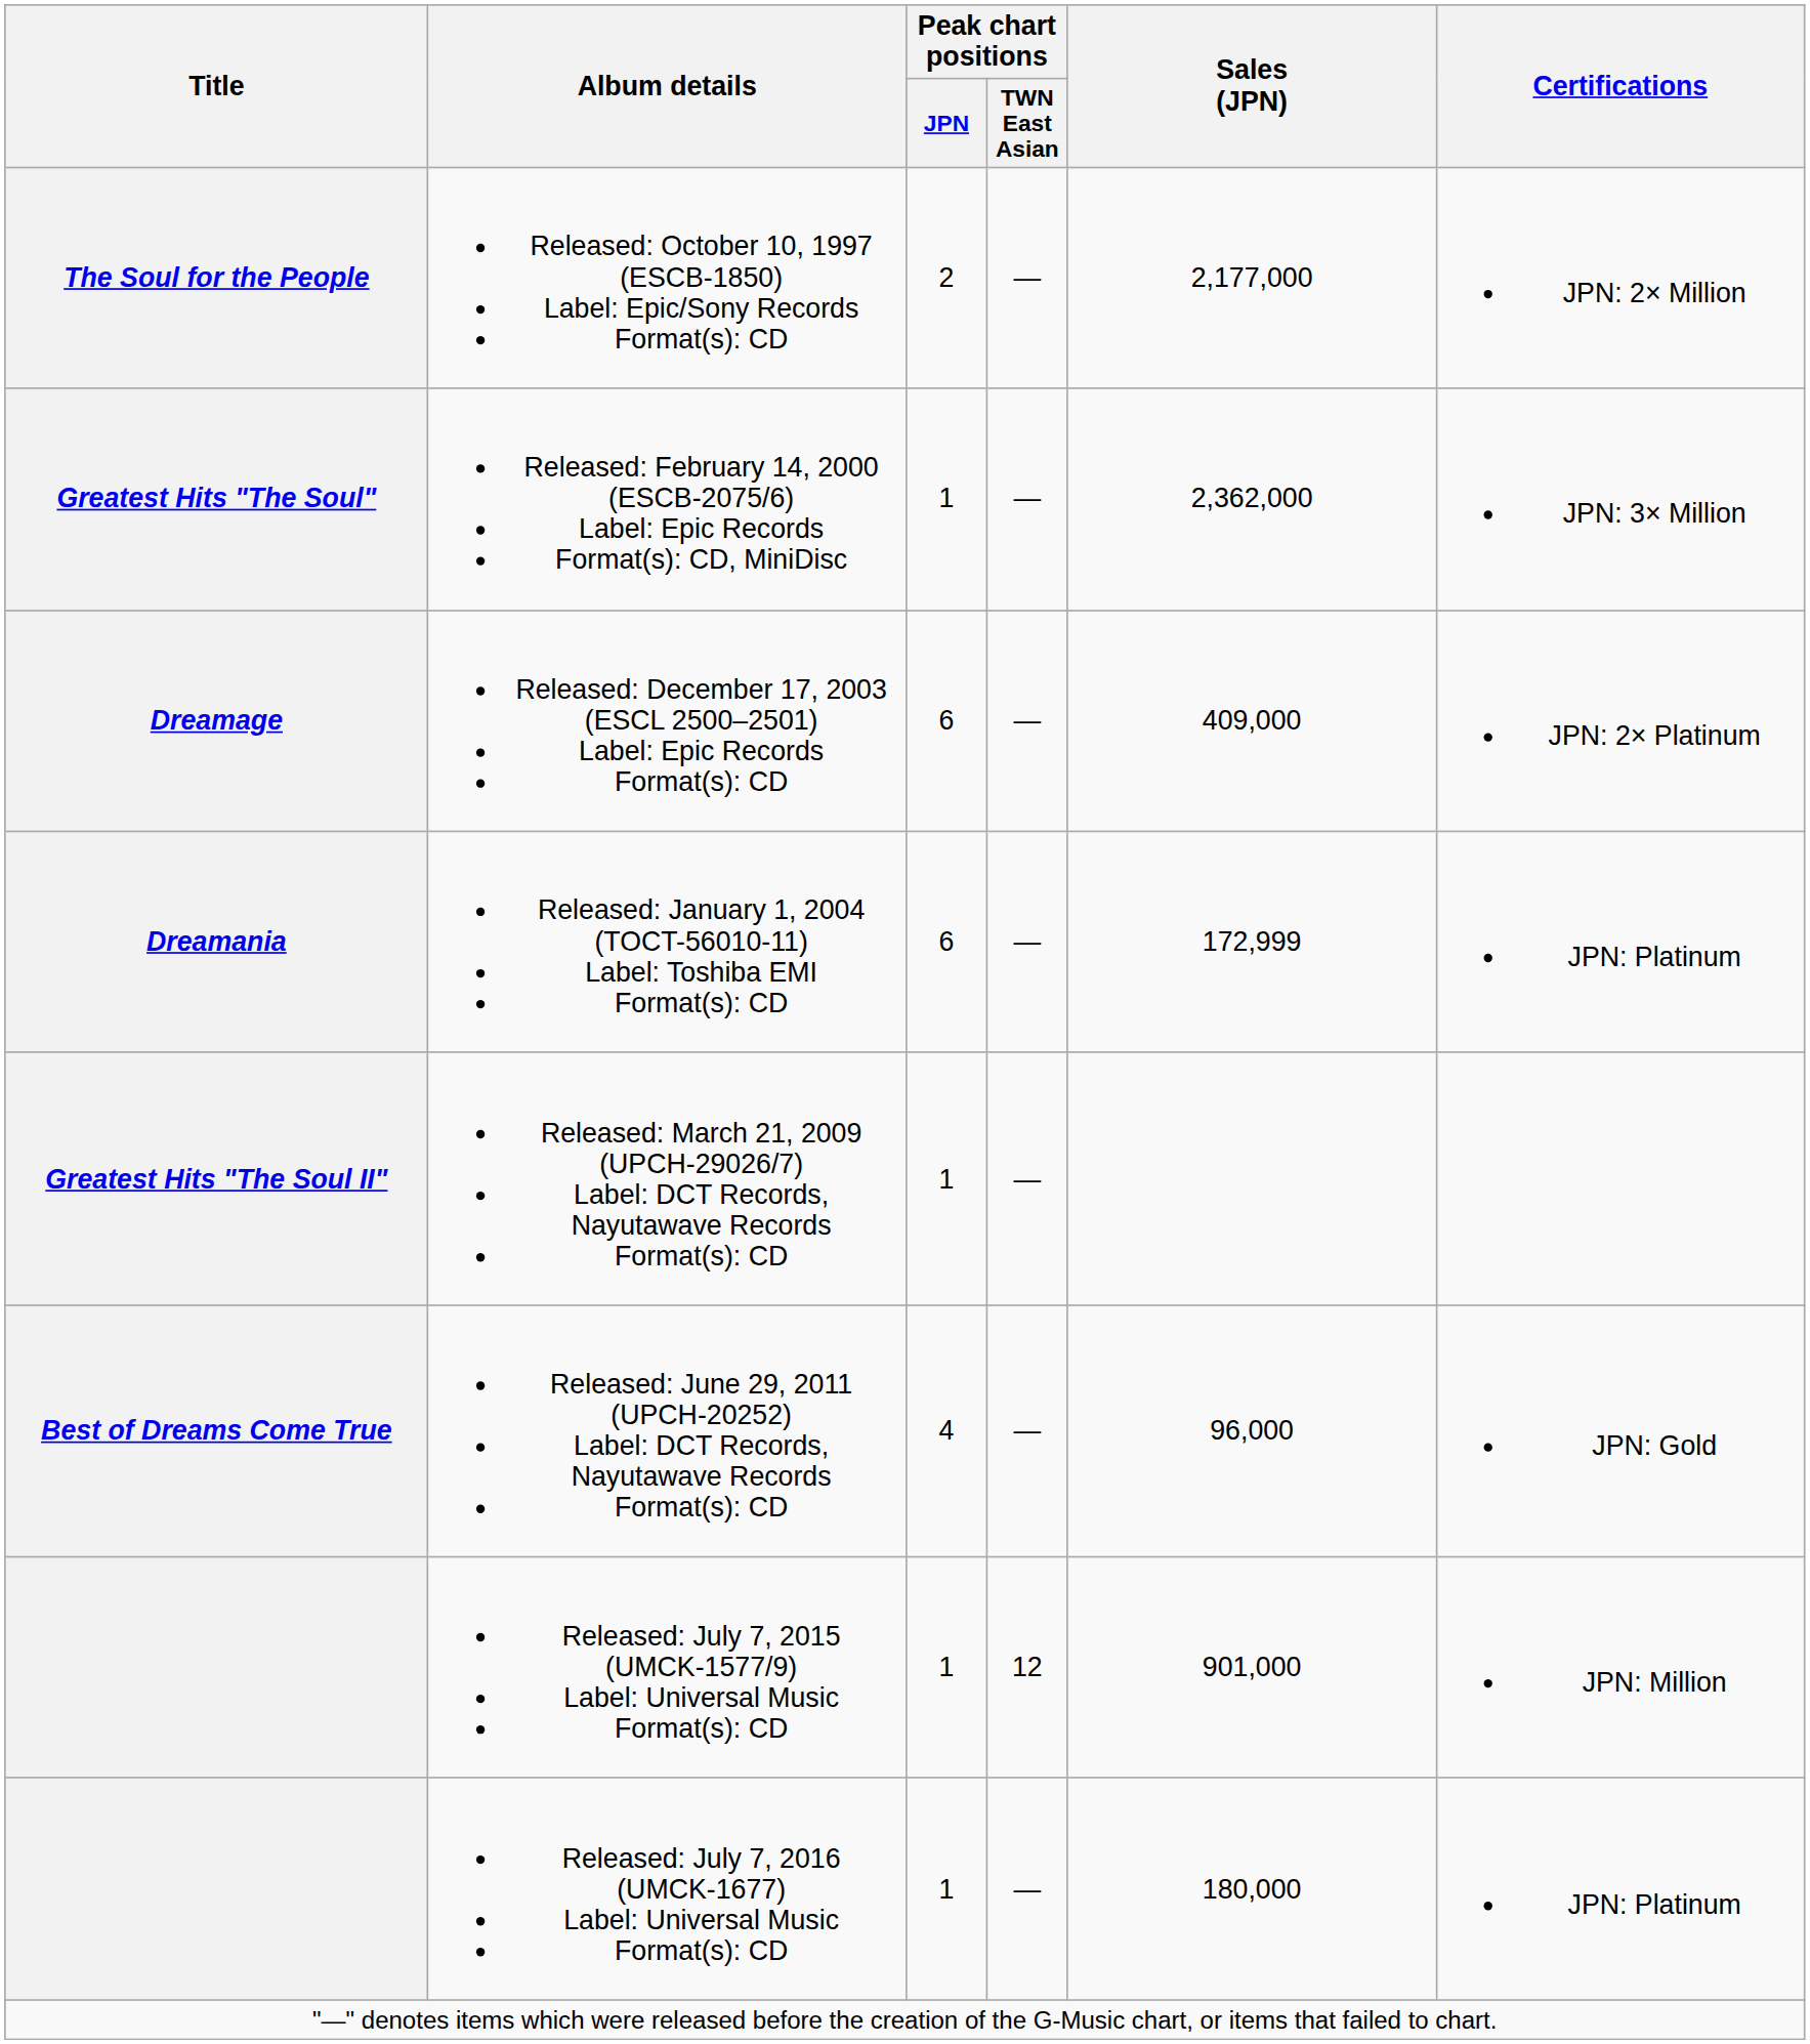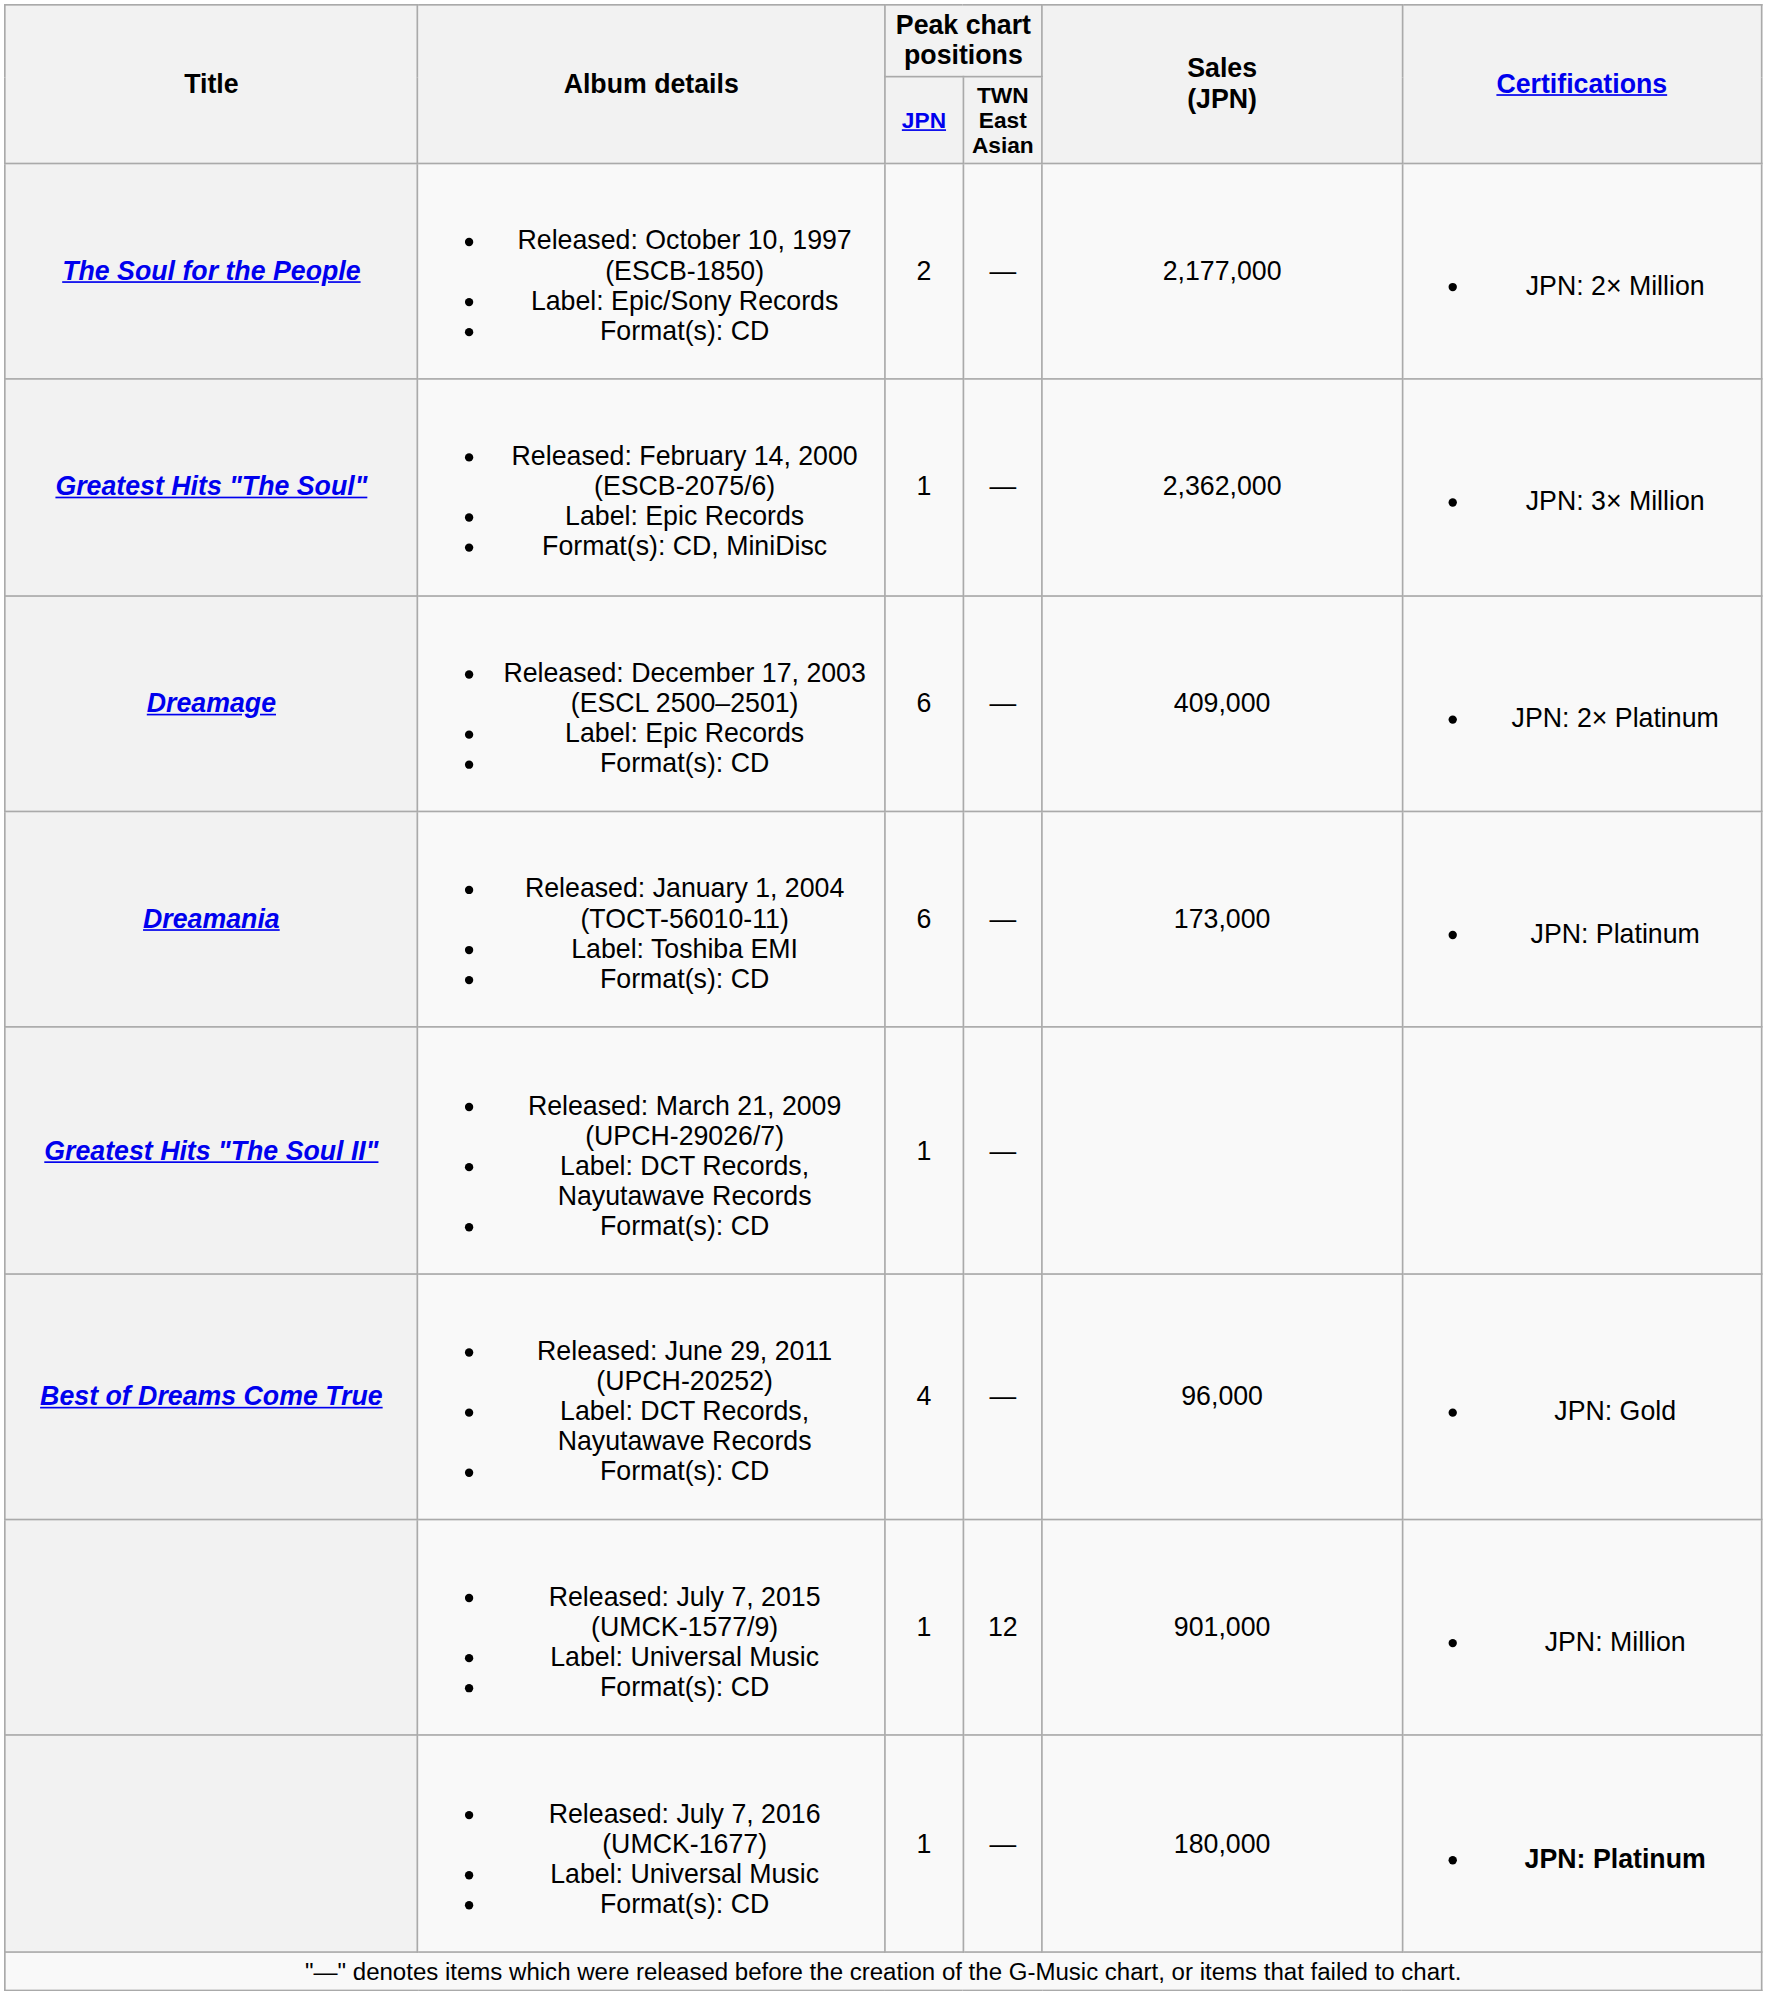 <table class="wikitable plainrowheaders" style="text-align:center;" border="1">
 <tr>
 <th scope="col" rowspan="2" style="width:15em;">Title</th>
 <th scope="col" rowspan="2" style="width:17em;">Album details</th>
 <th colspan="2">Peak chart positions</th>
 <th scope="col" rowspan="2" style="width:13em;">Sales<br>(JPN)<br></th>
 <th scope="col" rowspan="2" style="width:13em;"><a href='#'>Certifications</a></th>
 </tr>
 <tr>
 <th style="width:3em;font-size:85%"><a href='#'>JPN</a><br></th>
 <th style="width:3em;font-size:85%">TWN East Asian<br></th>
 </tr>
 <tr>
 <th scope="row"><em><a href='#'>The Soul for the People</a></em></th>
 <td><br><ul><li>Released: October 10, 1997<br><span>(ESCB-1850)</span></li><li>Label: Epic/Sony Records</li><li>Format(s): CD</li></ul></td>
 <td>2</td>
 <td>—</td>
 <td>2,177,000</td>
 <td><br><ul><li>JPN: 2× Million</li></ul></td>
 </tr>
 <tr>
 <th scope="row"><em><a href='#'>Greatest Hits "The Soul"</a></em></th>
 <td><br><ul><li>Released: February 14, 2000<br><span>(ESCB-2075/6)</span></li><li>Label: Epic Records</li><li>Format(s): CD, MiniDisc</li></ul></td>
 <td>1</td>
 <td>—</td>
 <td>2,362,000</td>
 <td><br><ul><li>JPN: 3× Million</li></ul></td>
 </tr>
 <tr>
 <th scope="row"><em><a href='#'>Dreamage</a></em></th>
 <td><br><ul><li>Released: December 17, 2003<br><span>(ESCL 2500–2501)</span></li><li>Label: Epic Records</li><li>Format(s): CD</li></ul></td>
 <td>6</td>
 <td>—</td>
 <td>409,000</td>
 <td><br><ul><li>JPN: 2× Platinum</li></ul></td>
 </tr>
 <tr>
 <th scope="row"><em><a href='#'>Dreamania</a></em></th>
 <td><br><ul><li>Released: January 1, 2004<br><span>(TOCT-56010-11)</span></li><li>Label: Toshiba EMI</li><li>Format(s): CD</li></ul></td>
 <td>6</td>
 <td>—</td>
-<td>172,999</td>
+<td>173,000</td>
 <td><br><ul><li>JPN: Platinum</li></ul></td>
 </tr>
 <tr>
 <th scope="row"><em><a href='#'>Greatest Hits "The Soul II"</a></em></th>
 <td><br><ul><li>Released: March 21, 2009<br><span>(UPCH-29026/7)</span></li><li>Label: DCT Records, Nayutawave Records</li><li>Format(s): CD</li></ul></td>
 <td>1</td>
 <td>—</td>
 <td></td>
 <td></td>
 </tr>
 <tr>
 <th scope="row"><em><a href='#'>Best of Dreams Come True</a></em></th>
 <td><br><ul><li>Released: June 29, 2011<br><span>(UPCH-20252)</span></li><li>Label: DCT Records, Nayutawave Records</li><li>Format(s): CD</li></ul></td>
 <td>4</td>
 <td>—</td>
 <td>96,000</td>
 <td><br><ul><li>JPN: Gold</li></ul></td>
 </tr>
 <tr>
 <th scope="row"></th>
 <td><br><ul><li>Released: July 7, 2015<br><span>(UMCK-1577/9)</span></li><li>Label: Universal Music</li><li>Format(s): CD</li></ul></td>
 <td>1</td>
 <td>12</td>
 <td>901,000</td>
 <td><br><ul><li>JPN: Million</li></ul></td>
 </tr>
 <tr>
 <th scope="row"></th>
 <td><br><ul><li>Released: July 7, 2016<br><span>(UMCK-1677)</span></li><li>Label: Universal Music</li><li>Format(s): CD</li></ul></td>
 <td>1</td>
 <td>—</td>
 <td>180,000</td>
-<td><br><ul><li>JPN: Platinum</li></ul></td>
+<td><strong><br><ul><li>JPN: Platinum</li></ul></strong></td>
 </tr>
 <tr>
 <td colspan="6" align="center" style="font-size:90%;">"—" denotes items which were released before the creation of the G-Music chart, or items that failed to chart.</td>
 </tr>
 </table>
